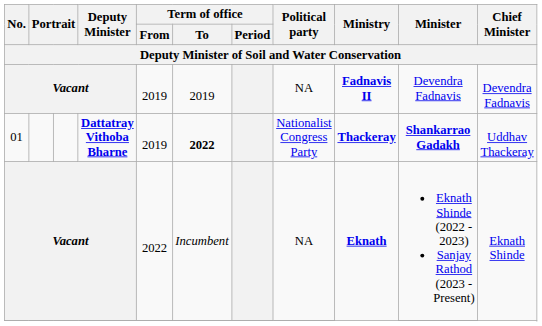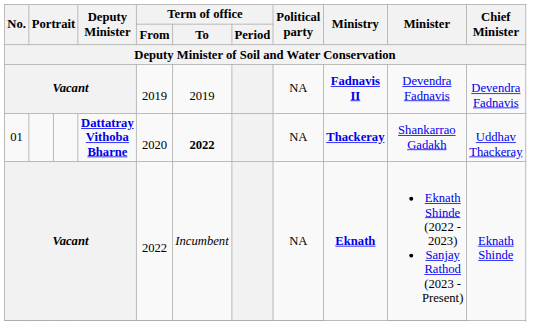 <table class="wikitable" style="text-align:center">
 <tr>
 <th rowspan="2">No.</th>
 <th rowspan="2" colspan="2">Portrait</th>
 <th rowspan="2" style="width:16em">Deputy Minister<br></th>
 <th colspan="3">Term of office</th>
 <th rowspan="2" style="width:8em">Political party</th>
 <th rowspan="2">Ministry</th>
 <th rowspan="2" style="width:9em">Minister</th>
 <th rowspan="2" style="width:9em">Chief Minister</th>
 </tr>
 <tr>
 <th style="width:6em">From</th>
 <th style="width:6em">To</th>
 <th>Period</th>
 </tr>
 <tr>
 <th colspan="11">Deputy Minister of Soil and Water Conservation</th>
 </tr>
 <tr>
 <th colspan="04"><strong><em>Vacant</em></strong></th>
 <td><br>2019</td>
 <td><br>2019</td>
 <th></th>
 <td>NA</td>
 <td rowspan="1"><a href='#'><strong>Fadnavis II</strong></a></td>
 <td><a href='#'>Devendra Fadnavis</a></td>
 <td rowspan="1"> <br><a href='#'>Devendra Fadnavis</a></td>
 </tr>
 <tr>
 <td>01</td>
 <td style="color:inherit;background:"></td>
 <td></td>
 <td><strong><a href='#'>Dattatray Vithoba Bharne</a></strong> <br> </td>
-<td><br>2019</td>
+<td><br>2020</td>
 <td><strong><br>2022</strong></td>
 <th></th>
-<td><a href='#'>Nationalist Congress Party</a></td>
+<td>NA</td>
 <td rowspan="1"><a href='#'><strong>Thackeray</strong></a></td>
-<td><strong><a href='#'>Shankarrao Gadakh</a></strong></td>
+<td><a href='#'>Shankarrao Gadakh</a></td>
 <td rowspan="1"> <br><a href='#'>Uddhav Thackeray</a></td>
 </tr>
 <tr>
 <th colspan="04"><strong><em>Vacant </em></strong></th>
 <td><br>2022</td>
 <td><em>Incumbent</em></td>
 <th></th>
 <td>NA</td>
 <td rowspan="2"><a href='#'><strong>Eknath</strong></a></td>
 <td><br><ul><li><a href='#'>Eknath Shinde</a><br>(2022 - 2023)</li><li><a href='#'>Sanjay Rathod</a><br> (2023 - Present)</li></ul></td>
 <td rowspan="2"> <br><a href='#'>Eknath Shinde</a></td>
 </tr>
 <tr>
 </tr>
 </table>
